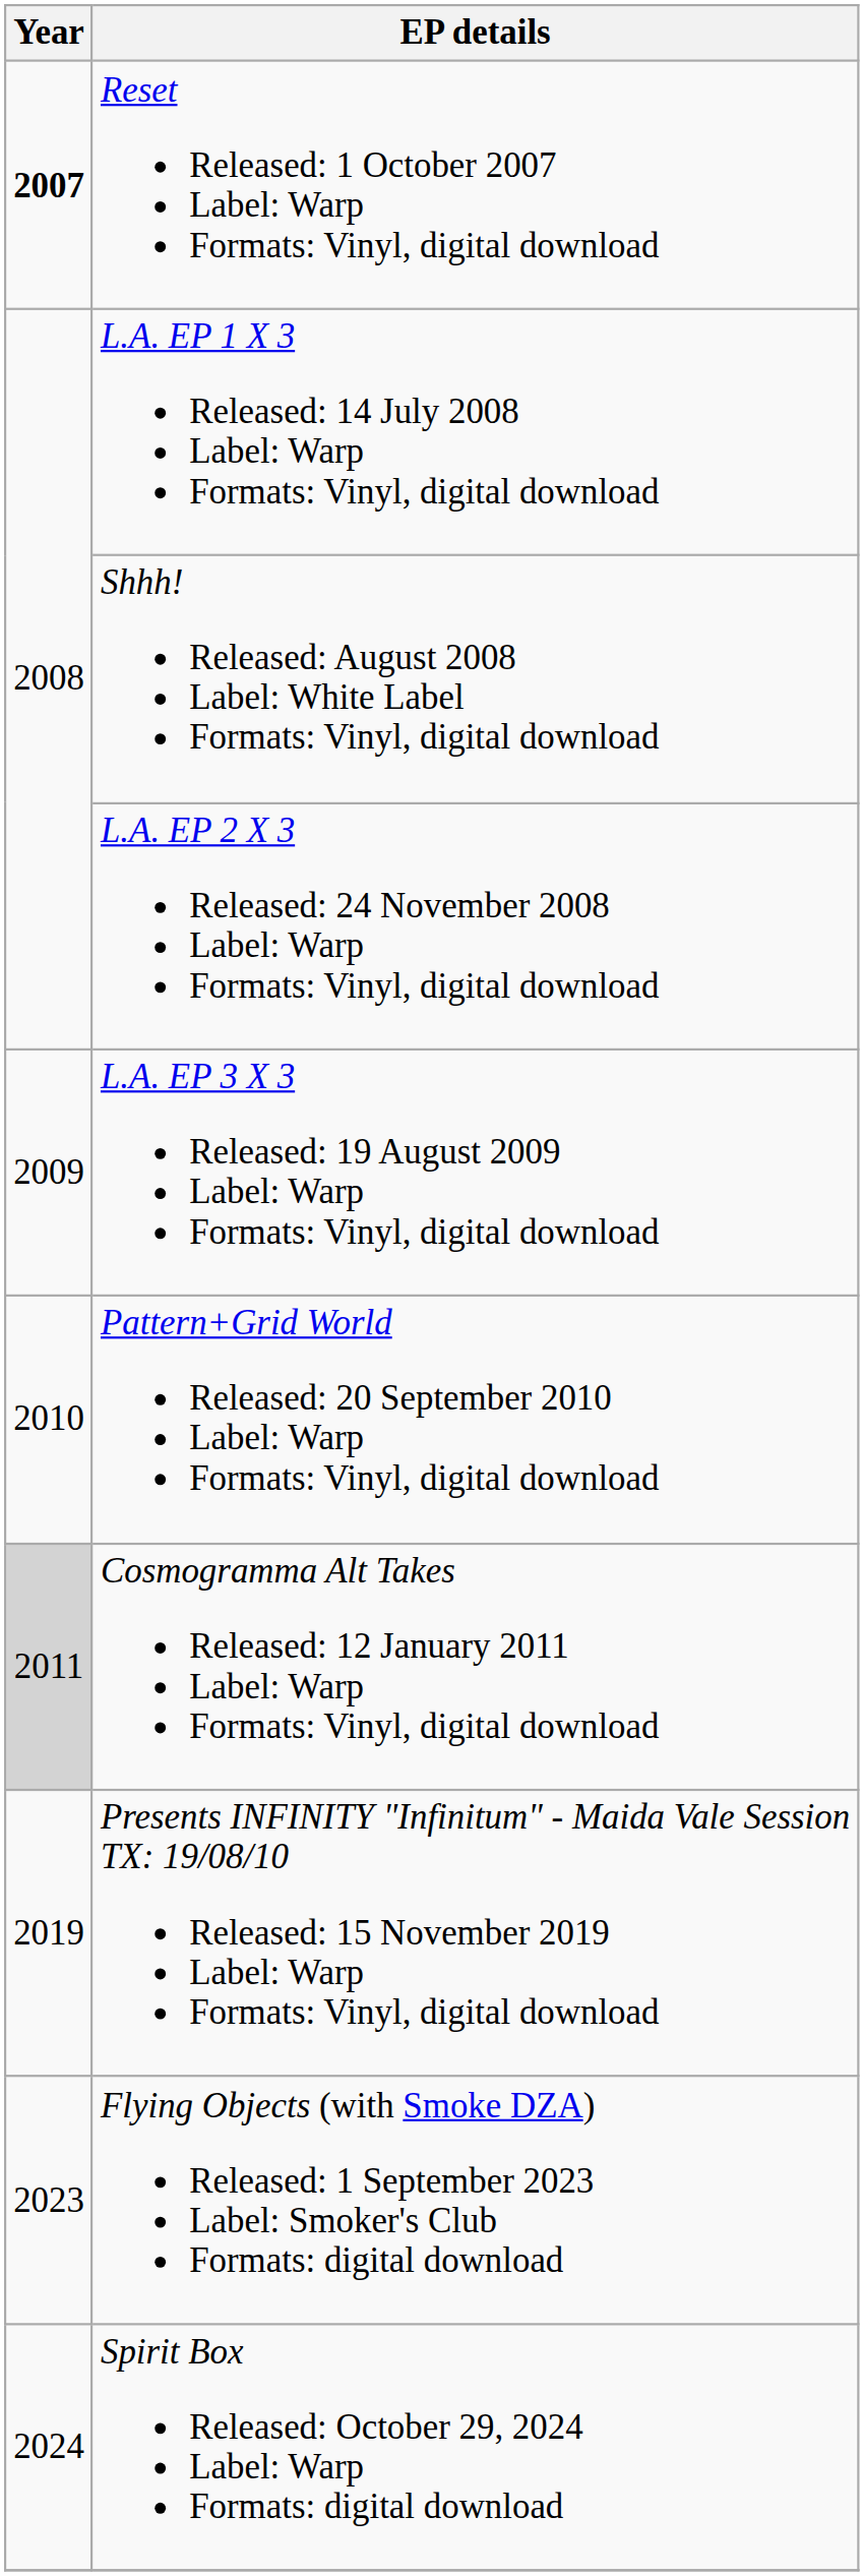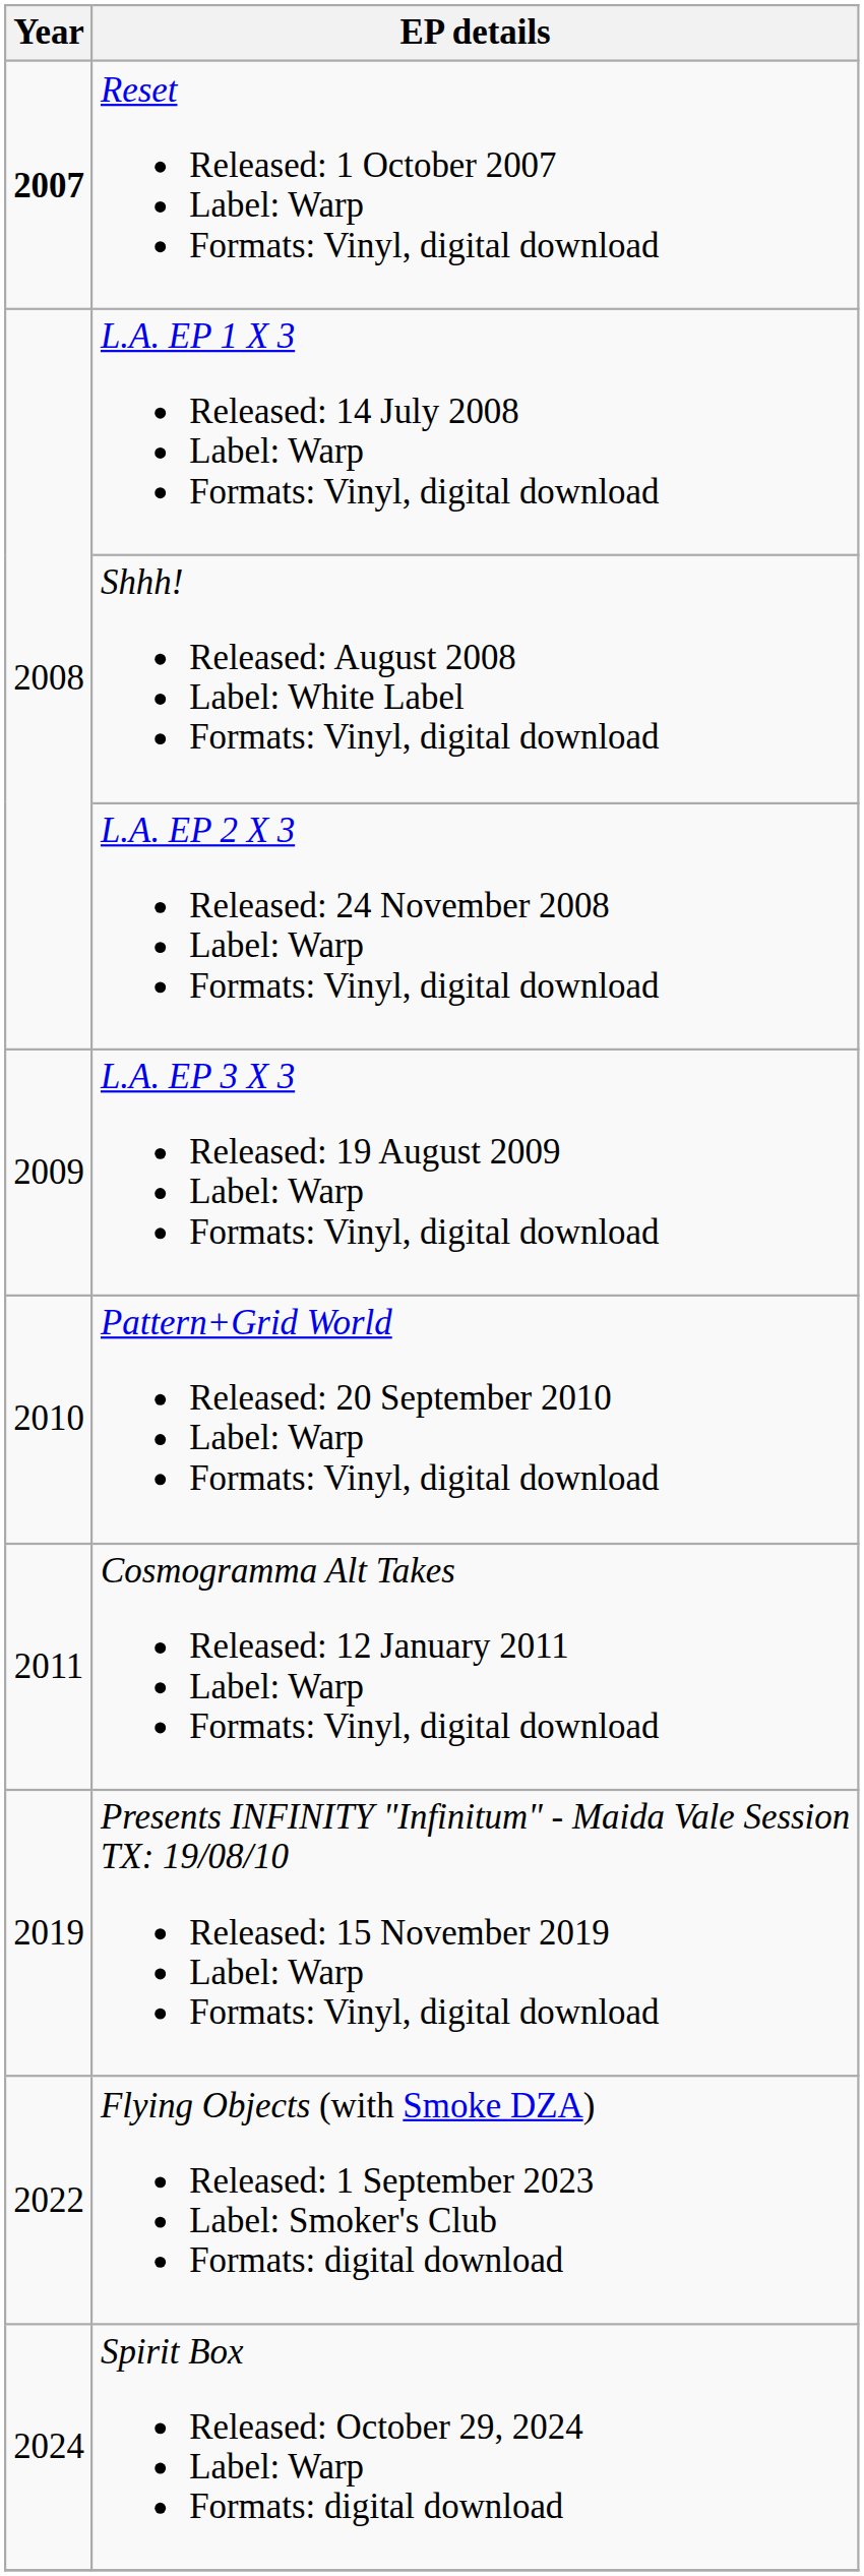 <table class="wikitable" style="text-align:center;">
 <tr>
 <th>Year</th>
 <th>EP details</th>
 </tr>
 <tr>
 <td><strong>2007</strong></td>
 <td align="left"><em><a href='#'>Reset</a></em><br><ul><li>Released: 1 October 2007</li><li>Label: Warp</li><li>Formats: Vinyl, digital download</li></ul></td>
 </tr>
 <tr>
 <td rowspan="3">2008</td>
 <td align="left"><em><a href='#'>L.A. EP 1 X 3</a></em><br><ul><li>Released: 14 July 2008</li><li>Label: Warp</li><li>Formats: Vinyl, digital download</li></ul></td>
 </tr>
 <tr>
 <td align="left"><em>Shhh!</em><br><ul><li>Released: August 2008</li><li>Label: White Label</li><li>Formats: Vinyl, digital download</li></ul></td>
 </tr>
 <tr>
 <td align="left"><em><a href='#'>L.A. EP 2 X 3</a></em><br><ul><li>Released: 24 November 2008</li><li>Label: Warp</li><li>Formats: Vinyl, digital download</li></ul></td>
 </tr>
 <tr>
 <td>2009</td>
 <td align="left"><em><a href='#'>L.A. EP 3 X 3</a></em><br><ul><li>Released: 19 August 2009</li><li>Label: Warp</li><li>Formats: Vinyl, digital download</li></ul></td>
 </tr>
 <tr>
 <td>2010</td>
 <td align="left"><em><a href='#'>Pattern+Grid World</a></em><br><ul><li>Released: 20 September 2010</li><li>Label: Warp</li><li>Formats: Vinyl, digital download</li></ul></td>
 </tr>
 <tr>
-<td style="background: lightgrey;">2011</td>
+<td>2011</td>
 <td align="left"><em>Cosmogramma Alt Takes</em><br><ul><li>Released: 12 January 2011</li><li>Label: Warp</li><li>Formats: Vinyl, digital download</li></ul></td>
 </tr>
 <tr>
 <td>2019</td>
 <td align="left"><em>Presents INFINITY "Infinitum" - Maida Vale Session</em><br><em>TX: 19/08/10</em><ul><li>Released: 15 November 2019</li><li>Label: Warp</li><li>Formats: Vinyl, digital download</li></ul></td>
 </tr>
 <tr>
-<td>2023</td>
+<td>2022</td>
 <td align="left"><em>Flying Objects</em> <span>(with <a href='#'>Smoke DZA</a>)</span><br><ul><li>Released: 1 September 2023</li><li>Label: Smoker's Club</li><li>Formats: digital download</li></ul></td>
 </tr>
 <tr>
 <td>2024</td>
 <td align="left"><em>Spirit Box</em><br><ul><li>Released: October 29, 2024</li><li>Label: Warp</li><li>Formats: digital download</li></ul></td>
 </tr>
 <tr>
 </tr>
 </table>
